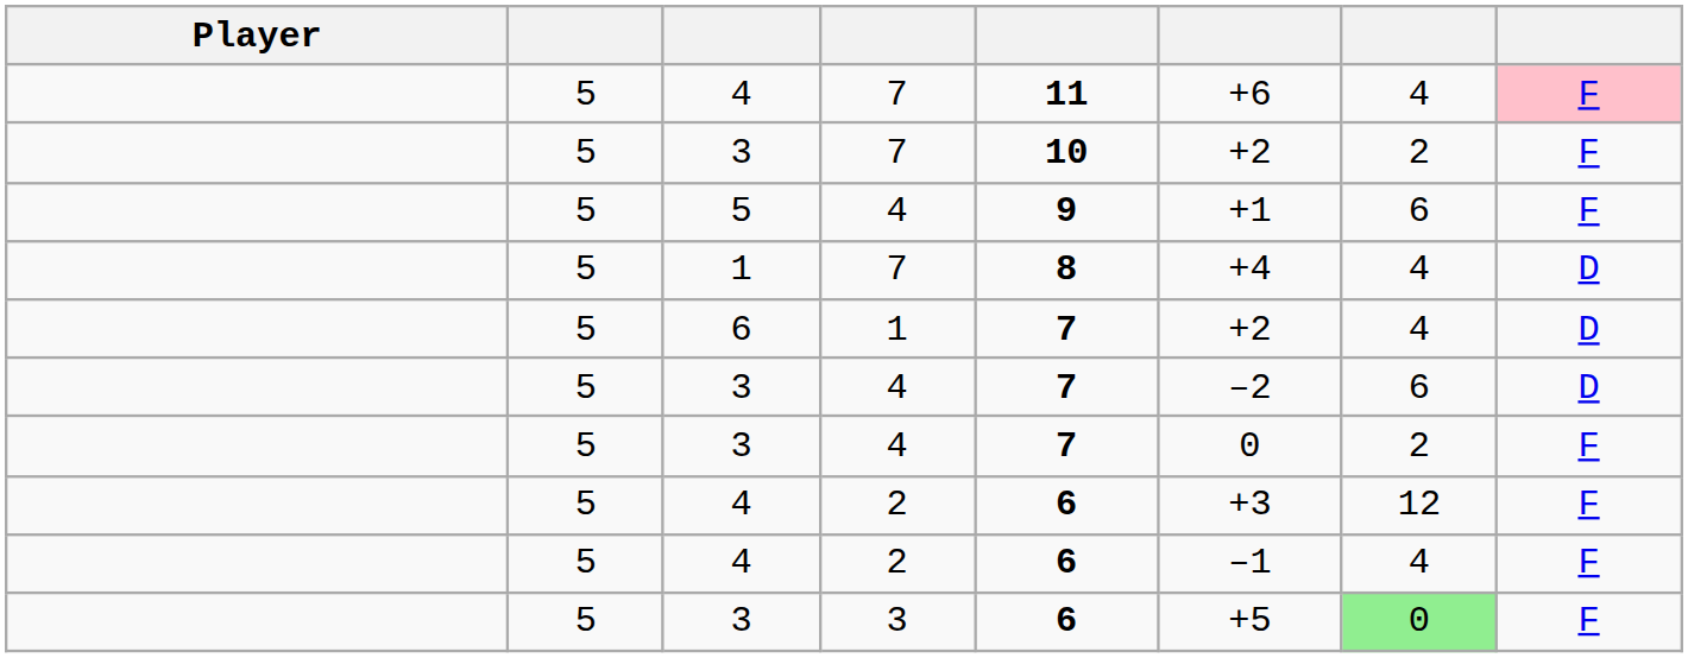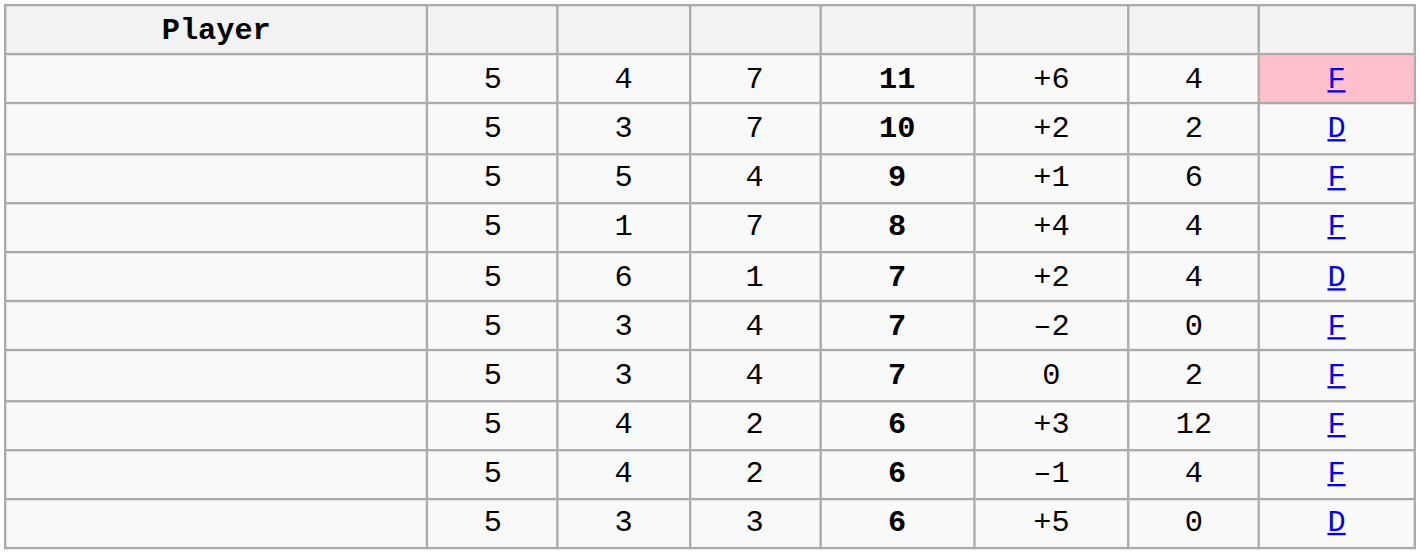 <table class="wikitable sortable" style="text-align:center;">
 <tr>
 <th width="175px">Player</th>
 <th width="50px"></th>
 <th width="50px"></th>
 <th width="50px"></th>
 <th width="60px"></th>
 <th width="60px"></th>
 <th width="50px"></th>
 <th width="60px"></th>
 </tr>
 <tr>
 <td align="left"> </td>
 <td>5</td>
 <td>4</td>
 <td>7</td>
 <td><strong>11</strong></td>
 <td>+6</td>
 <td>4</td>
 <td style="background: pink;"><a href='#'>F</a></td>
 </tr>
 <tr>
 <td align="left"> </td>
 <td>5</td>
 <td>3</td>
 <td>7</td>
 <td><strong>10</strong></td>
 <td>+2</td>
 <td>2</td>
-<td><a href='#'>F</a></td>
+<td><a href='#'>D</a></td>
 </tr>
 <tr>
 <td align="left"> </td>
 <td>5</td>
 <td>5</td>
 <td>4</td>
 <td><strong>9</strong></td>
 <td>+1</td>
 <td>6</td>
 <td><a href='#'>F</a></td>
 </tr>
 <tr>
 <td align="left"> </td>
 <td>5</td>
 <td>1</td>
 <td>7</td>
 <td><strong>8</strong></td>
 <td>+4</td>
 <td>4</td>
-<td><a href='#'>D</a></td>
+<td><a href='#'>F</a></td>
 </tr>
 <tr>
 <td align="left"> </td>
 <td>5</td>
 <td>6</td>
 <td>1</td>
 <td><strong>7</strong></td>
 <td>+2</td>
 <td>4</td>
 <td><a href='#'>D</a></td>
 </tr>
 <tr>
 <td align="left"> </td>
 <td>5</td>
 <td>3</td>
 <td>4</td>
 <td><strong>7</strong></td>
 <td>–2</td>
-<td>6</td>
-<td><a href='#'>D</a></td>
+<td>0</td>
+<td><a href='#'>F</a></td>
 </tr>
 <tr>
 <td align="left"> </td>
 <td>5</td>
 <td>3</td>
 <td>4</td>
 <td><strong>7</strong></td>
 <td>0</td>
 <td>2</td>
 <td><a href='#'>F</a></td>
 </tr>
 <tr>
 <td align="left"> </td>
 <td>5</td>
 <td>4</td>
 <td>2</td>
 <td><strong>6</strong></td>
 <td>+3</td>
 <td>12</td>
 <td><a href='#'>F</a></td>
 </tr>
 <tr>
 <td align="left"> </td>
 <td>5</td>
 <td>4</td>
 <td>2</td>
 <td><strong>6</strong></td>
 <td>–1</td>
 <td>4</td>
 <td><a href='#'>F</a></td>
 </tr>
 <tr>
 <td align="left"> </td>
 <td>5</td>
 <td>3</td>
 <td>3</td>
 <td><strong>6</strong></td>
 <td>+5</td>
-<td style="background: lightgreen;">0</td>
-<td><a href='#'>F</a></td>
+<td>0</td>
+<td><a href='#'>D</a></td>
 </tr>
 </table>
